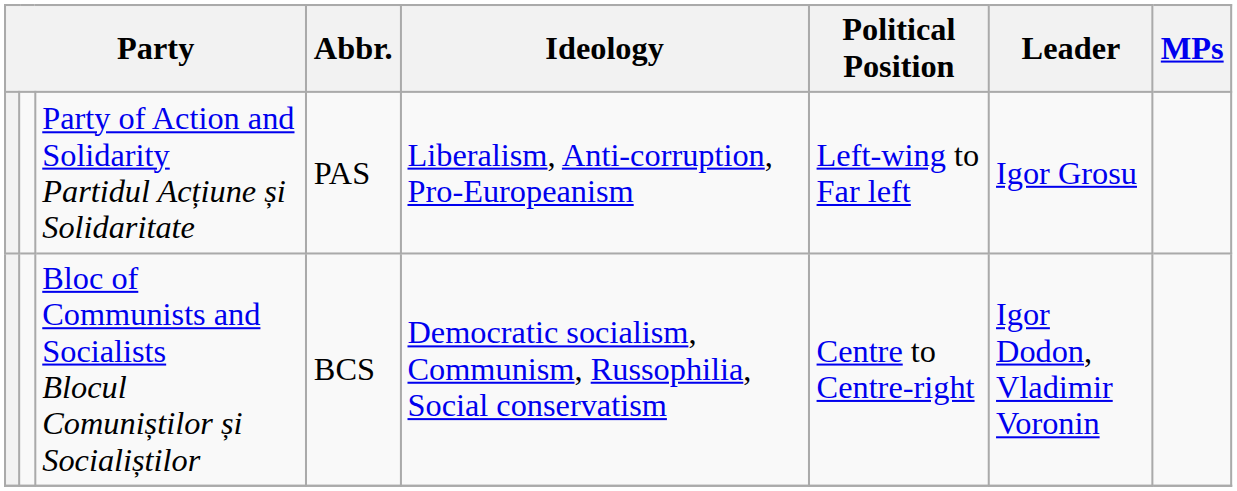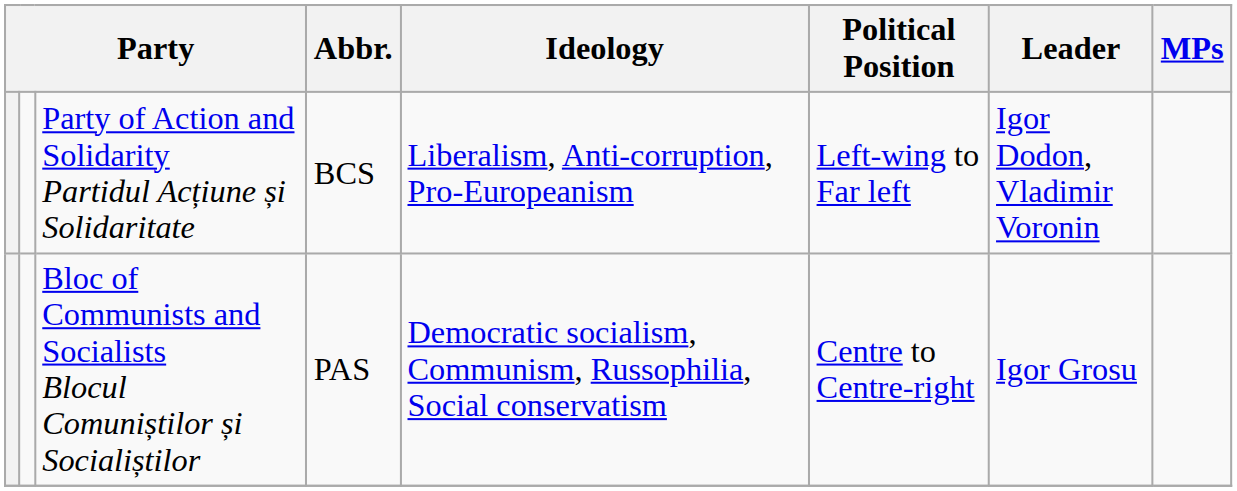 <table class="wikitable sortable">
 <tr>
 <th colspan=3>Party</th>
 <th>Abbr.</th>
 <th>Ideology</th>
 <th>Political Position</th>
 <th>Leader</th>
 <th><a href='#'>MPs</a></th>
 </tr>
 <tr>
 <th style="background-color:"></th>
 <td></td>
 <td><a href='#'>Party of Action and Solidarity</a><br><em>Partidul Acțiune și Solidaritate</em></td>
-<td>PAS</td>
+<td>BCS</td>
 <td><a href='#'>Liberalism</a>, <a href='#'>Anti-corruption</a>, <a href='#'>Pro-Europeanism</a></td>
 <td><a href='#'>Left-wing</a> to <a href='#'>Far left</a></td>
-<td><a href='#'>Igor Grosu</a></td>
+<td><a href='#'>Igor Dodon</a>,<br><a href='#'>Vladimir Voronin</a></td>
 <td></td>
 </tr>
 <tr>
 <th style="background-color:"></th>
 <td></td>
 <td><a href='#'>Bloc of Communists and Socialists</a><br><em>Blocul Comuniștilor și Socialiștilor</em></td>
-<td>BCS</td>
+<td>PAS</td>
 <td><a href='#'>Democratic socialism</a>, <a href='#'>Communism</a>, <a href='#'>Russophilia</a>, <a href='#'>Social conservatism</a></td>
 <td><a href='#'>Centre</a> to <a href='#'>Centre-right</a></td>
-<td><a href='#'>Igor Dodon</a>,<br><a href='#'>Vladimir Voronin</a></td>
+<td><a href='#'>Igor Grosu</a></td>
 <td></td>
 </tr>
 <tr>
 </tr>
 </table>
